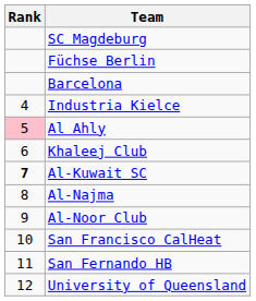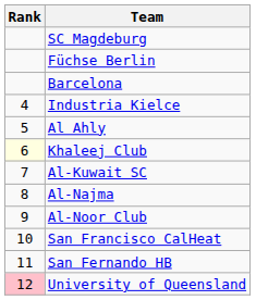 <table class="wikitable">
 <tr>
 <th>Rank</th>
 <th>Team</th>
 </tr>
 <tr>
 <td align=center></td>
 <td> <a href='#'>SC Magdeburg</a></td>
 </tr>
 <tr>
 <td align=center></td>
 <td> <a href='#'>Füchse Berlin</a></td>
 </tr>
 <tr>
 <td align=center></td>
 <td> <a href='#'>Barcelona</a></td>
 </tr>
 <tr>
 <td align=center>4</td>
 <td> <a href='#'>Industria Kielce</a></td>
 </tr>
 <tr>
-<td align=center style="background: pink;">5</td>
+<td align=center>5</td>
 <td> <a href='#'>Al Ahly</a></td>
 </tr>
 <tr>
-<td align=center>6</td>
+<td align=center style="background: lightyellow;">6</td>
 <td> <a href='#'>Khaleej Club</a></td>
 </tr>
 <tr>
-<td align=center><strong>7</strong></td>
+<td align=center>7</td>
 <td> <a href='#'>Al-Kuwait SC</a></td>
 </tr>
 <tr>
 <td align=center>8</td>
 <td> <a href='#'>Al-Najma</a></td>
 </tr>
 <tr>
 <td align=center>9</td>
 <td> <a href='#'>Al-Noor Club</a></td>
 </tr>
 <tr>
 <td align=center>10</td>
 <td> <a href='#'>San Francisco CalHeat</a></td>
 </tr>
 <tr>
 <td align=center>11</td>
 <td> <a href='#'>San Fernando HB</a></td>
 </tr>
 <tr>
-<td align=center>12</td>
+<td align=center style="background: pink;">12</td>
 <td> <a href='#'>University of Queensland</a></td>
 </tr>
 </table>
